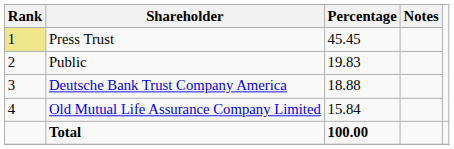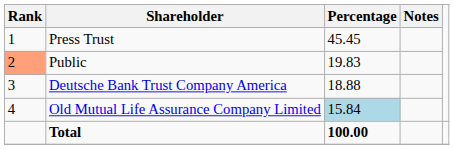 <table class="wikitable sortable" style="margin: 0.5em auto">
 <tr>
 <th>Rank</th>
 <th>Shareholder</th>
 <th>Percentage</th>
 <th>Notes</th>
 </tr>
 <tr>
-<td style="background: khaki;">1</td>
+<td>1</td>
 <td>Press Trust</td>
 <td>45.45</td>
 <td></td>
 </tr>
 <tr>
-<td>2</td>
+<td style="background: lightsalmon;">2</td>
 <td>Public</td>
 <td>19.83</td>
 <td></td>
 </tr>
 <tr>
 <td>3</td>
 <td><a href='#'>Deutsche Bank Trust Company America</a></td>
 <td>18.88</td>
 <td></td>
 </tr>
 <tr>
 <td>4</td>
 <td><a href='#'>Old Mutual Life Assurance Company Limited</a></td>
-<td>15.84</td>
+<td style="background: lightblue;">15.84</td>
 <td></td>
 </tr>
 <tr>
 <td></td>
 <td><strong>Total</strong></td>
 <td><strong>100.00</strong></td>
 <td></td>
 <td></td>
 </tr>
 <tr>
 </tr>
 </table>
